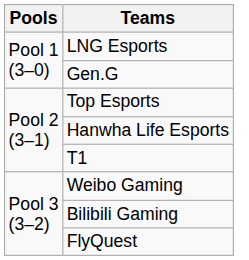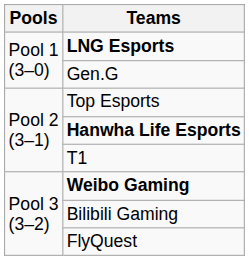 <table class="wikitable">
 <tr>
 <th colspan="2">Pools</th>
 <th>Teams</th>
 </tr>
 <tr>
 <td colspan="2" rowspan="2">Pool 1<br>(3–0)</td>
-<td>LNG Esports</td>
+<td><strong>LNG Esports</strong></td>
 </tr>
 <tr>
 <td>Gen.G</td>
 </tr>
 <tr>
 <td colspan="2" rowspan="3">Pool 2<br>(3–1)</td>
 <td>Top Esports</td>
 </tr>
 <tr>
-<td>Hanwha Life Esports</td>
+<td><strong>Hanwha Life Esports</strong></td>
 </tr>
 <tr>
 <td>T1</td>
 </tr>
 <tr>
 <td colspan="2" rowspan="3">Pool 3<br>(3–2)</td>
-<td>Weibo Gaming</td>
+<td><strong>Weibo Gaming</strong></td>
 </tr>
 <tr>
 <td>Bilibili Gaming</td>
 </tr>
 <tr>
 <td>FlyQuest</td>
 </tr>
 </table>
